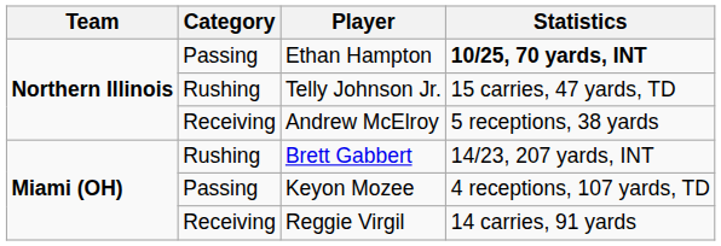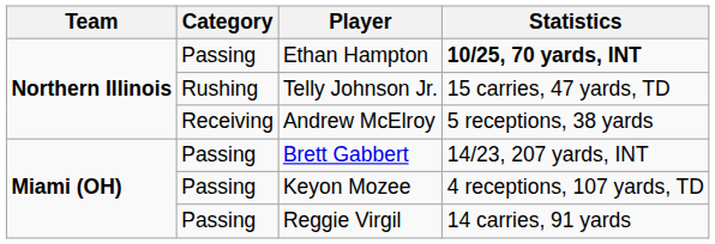 <table class="wikitable" style="float: right;">
 <tr>
 <th>Team</th>
 <th>Category</th>
 <th>Player</th>
 <th>Statistics</th>
 </tr>
 <tr>
 <td rowspan=3><strong>Northern Illinois</strong></td>
 <td>Passing</td>
 <td>Ethan Hampton</td>
 <td><strong>10/25, 70 yards, INT</strong></td>
 </tr>
 <tr>
 <td>Rushing</td>
 <td>Telly Johnson Jr.</td>
 <td>15 carries, 47 yards, TD</td>
 </tr>
 <tr>
 <td>Receiving</td>
 <td>Andrew McElroy</td>
 <td>5 receptions, 38 yards</td>
 </tr>
 <tr>
 <td rowspan=3><strong>Miami (OH)</strong></td>
-<td>Rushing</td>
+<td>Passing</td>
 <td><a href='#'>Brett Gabbert</a></td>
 <td>14/23, 207 yards, INT</td>
 </tr>
 <tr>
 <td>Passing</td>
 <td>Keyon Mozee</td>
 <td>4 receptions, 107 yards, TD</td>
 </tr>
 <tr>
-<td>Receiving</td>
+<td>Passing</td>
 <td>Reggie Virgil</td>
 <td>14 carries, 91 yards</td>
 </tr>
 </table>
